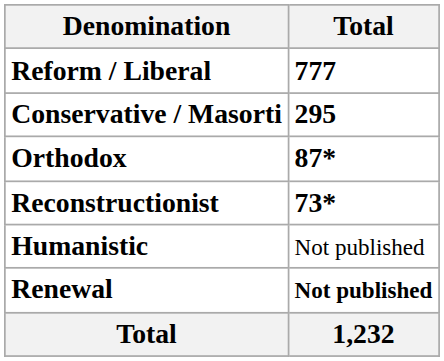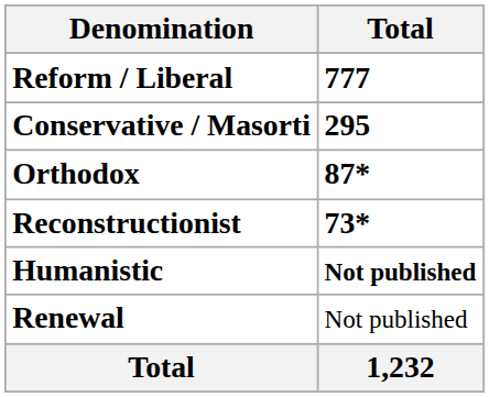 <table class="wikitable sortable" style="vertical-align:middle; font-size:100%; font-family:serif !important;; background-color:#ffffff; color:#000000;">
 <tr style="font-weight:bold; background-color:#efefef;">
 <th>Denomination</th>
 <th>Total</th>
 </tr>
 <tr>
 <td style="font-weight:bold;">Reform / Liberal</td>
 <td style="font-weight:bold;">777</td>
 </tr>
 <tr>
 <td style="font-weight:bold;">Conservative / Masorti</td>
 <td style="font-weight:bold;">295</td>
 </tr>
 <tr>
 <td style="font-weight:bold;">Orthodox</td>
 <td style="font-weight:bold;">87*</td>
 </tr>
 <tr>
 <td style="font-weight:bold;">Reconstructionist</td>
 <td style="font-weight:bold;">73*</td>
 </tr>
 <tr>
 <td style="font-weight:bold;">Humanistic</td>
-<td><small>Not published</small></td>
+<td><strong><small>Not published</small></strong></td>
 </tr>
 <tr>
 <td style="font-weight:bold;">Renewal</td>
-<td><strong><small>Not published</small></strong></td>
+<td><small>Not published</small></td>
 </tr>
 <tr style="font-weight:bold; background-color:#efefef;">
 <th>Total</th>
 <th>1,232</th>
 </tr>
 </table>
